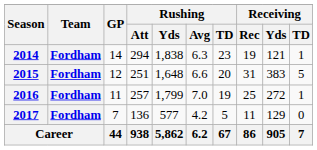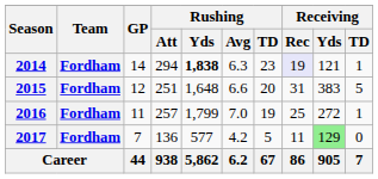 <table class="wikitable" style="text-align:center;">
 <tr>
 </tr>
 <tr>
 <th rowspan="2">Season</th>
 <th rowspan="2">Team</th>
 <th rowspan="2">GP</th>
 <th colspan="4">Rushing</th>
 <th colspan="4">Receiving</th>
 </tr>
 <tr>
 <th>Att</th>
 <th>Yds</th>
 <th>Avg</th>
 <th>TD</th>
 <th>Rec</th>
 <th>Yds</th>
 <th>TD</th>
 </tr>
 <tr>
 <th><a href='#'>2014</a></th>
 <th><a href='#'>Fordham</a></th>
 <td>14</td>
 <td>294</td>
-<td>1,838</td>
+<td><strong>1,838</strong></td>
 <td>6.3</td>
 <td>23</td>
-<td>19</td>
+<td style="background: lavender;">19</td>
 <td>121</td>
 <td>1</td>
 </tr>
 <tr>
 <th><a href='#'>2015</a></th>
 <th><a href='#'>Fordham</a></th>
 <td>12</td>
 <td>251</td>
 <td>1,648</td>
 <td>6.6</td>
 <td>20</td>
 <td>31</td>
 <td>383</td>
 <td>5</td>
 </tr>
 <tr>
 <th><a href='#'>2016</a></th>
 <th><a href='#'>Fordham</a></th>
 <td>11</td>
 <td>257</td>
 <td>1,799</td>
 <td>7.0</td>
 <td>19</td>
 <td>25</td>
 <td>272</td>
 <td>1</td>
 </tr>
 <tr>
 <th><a href='#'>2017</a></th>
 <th><a href='#'>Fordham</a></th>
 <td>7</td>
 <td>136</td>
 <td>577</td>
 <td>4.2</td>
 <td>5</td>
 <td>11</td>
-<td>129</td>
+<td style="background: lightgreen;">129</td>
 <td>0</td>
 </tr>
 <tr>
 <th colspan="2">Career</th>
 <th>44</th>
 <th>938</th>
 <th>5,862</th>
 <th>6.2</th>
 <th>67</th>
 <th>86</th>
 <th>905</th>
 <th>7</th>
 </tr>
 </table>
